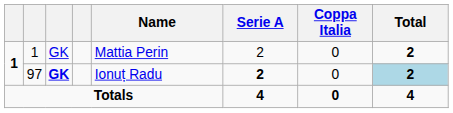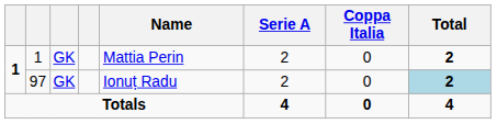 <table class="wikitable" style="text-align:center">
 <tr>
 <th width=15></th>
 <th width=15></th>
 <th width=15></th>
 <th width=15></th>
 <th width=145>Name</th>
 <th width=80><strong><a href='#'>Serie A</a></strong></th>
 <th width=80><strong><a href='#'>Coppa Italia</a></strong></th>
 <th width=80>Total</th>
 </tr>
 <tr>
 <td rowspan=2><strong>1</strong></td>
 <td>1</td>
 <td><a href='#'>GK</a></td>
 <td></td>
 <td align=left><a href='#'>Mattia Perin</a></td>
 <td>2</td>
 <td>0</td>
 <td><strong>2</strong></td>
 </tr>
 <tr>
 <td>97</td>
-<td><strong><a href='#'>GK</a></strong></td>
+<td><a href='#'>GK</a></td>
 <td></td>
 <td align=left><a href='#'>Ionuț Radu</a></td>
-<td><strong>2</strong></td>
+<td>2</td>
 <td>0</td>
 <td style="background: lightblue;"><strong>2</strong></td>
 </tr>
 <tr>
 <td colspan=5><strong>Totals</strong></td>
 <td><strong>4</strong></td>
 <td><strong>0</strong></td>
 <td><strong>4</strong></td>
 </tr>
 </table>
